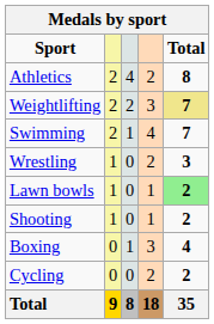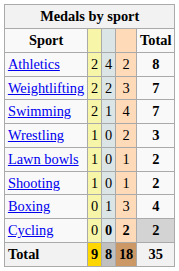 <table class="wikitable" style="text-align:center;font-size:90%">
 <tr style="background:#efefef;">
 <th colspan=7><strong>Medals by sport</strong></th>
 </tr>
 <tr>
 <td><strong>Sport</strong></td>
 <td bgcolor=#f7f6a8></td>
 <td bgcolor=#dce5e5></td>
 <td bgcolor=#ffdab9></td>
 <td><strong>Total</strong></td>
 </tr>
 <tr>
 <td style="text-align:left;"><a href='#'>Athletics</a></td>
 <td style="background:#F7F6A8;">2</td>
 <td style="background:#DCE5E5;">4</td>
 <td style="background:#FFDAB9;">2</td>
 <td><strong>8</strong></td>
 </tr>
 <tr>
 <td style="text-align:left;"><a href='#'>Weightlifting</a></td>
 <td style="background:#F7F6A8;">2</td>
 <td style="background:#DCE5E5;">2</td>
 <td style="background:#FFDAB9;">3</td>
-<td style="background: khaki;"><strong>7</strong></td>
+<td><strong>7</strong></td>
 </tr>
 <tr>
 <td style="text-align:left;"><a href='#'>Swimming</a></td>
 <td style="background:#F7F6A8;">2</td>
 <td style="background:#DCE5E5;">1</td>
 <td style="background:#FFDAB9;">4</td>
 <td><strong>7</strong></td>
 </tr>
 <tr>
 <td style="text-align:left;"><a href='#'>Wrestling</a></td>
 <td style="background:#F7F6A8;">1</td>
 <td style="background:#DCE5E5;">0</td>
 <td style="background:#FFDAB9;">2</td>
 <td><strong>3</strong></td>
 </tr>
 <tr>
 <td style="text-align:left;"><a href='#'>Lawn bowls</a></td>
 <td style="background:#F7F6A8;">1</td>
 <td style="background:#DCE5E5;">0</td>
 <td style="background:#FFDAB9;">1</td>
-<td style="background: lightgreen;"><strong>2</strong></td>
+<td><strong>2</strong></td>
 </tr>
 <tr>
 <td style="text-align:left;"><a href='#'>Shooting</a></td>
 <td style="background:#F7F6A8;">1</td>
 <td style="background:#DCE5E5;">0</td>
 <td style="background:#FFDAB9;">1</td>
 <td><strong>2</strong></td>
 </tr>
 <tr>
 <td style="text-align:left;"><a href='#'>Boxing</a></td>
 <td style="background:#F7F6A8;">0</td>
 <td style="background:#DCE5E5;">1</td>
 <td style="background:#FFDAB9;">3</td>
 <td><strong>4</strong></td>
 </tr>
 <tr>
 <td style="text-align:left;"><a href='#'>Cycling</a></td>
 <td style="background:#F7F6A8;">0</td>
-<td style="background:#DCE5E5;">0</td>
-<td style="background:#FFDAB9;">2</td>
-<td><strong>2</strong></td>
+<td style="background:#DCE5E5;"><strong>0</strong></td>
+<td style="background:#FFDAB9;"><strong>2</strong></td>
+<td style="background: lightgrey;"><strong>2</strong></td>
 </tr>
 <tr>
 <th style="text-align:left;"><strong>Total</strong></th>
 <th style="background:gold;"><strong>9</strong></th>
 <th style="background:silver;"><strong>8</strong></th>
 <th style="background:#c96;"><strong>18</strong></th>
 <th><strong>35</strong></th>
 </tr>
 </table>
